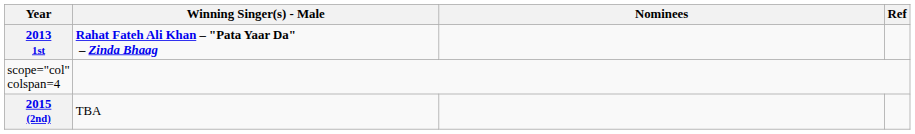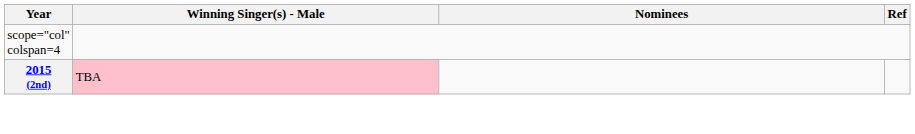 <table class="wikitable">
 <tr>
 <th width="50">Year</th>
 <th style="width:450px;">Winning Singer(s) - Male</th>
 <th style="width:550px;">Nominees</th>
 <th style="width:10px;">Ref</th>
 </tr>
 <tr>
-<th style="text-align:center;"><strong><a href='#'>2013</a></strong><br><small><a href='#'>1st</a></small></th>
-<td><strong><a href='#'>Rahat Fateh Ali Khan</a> – "Pata Yaar Da"<br> – <em><a href='#'>Zinda Bhaag</a><strong><em></td>
-<td></td>
-<td style="text-align:center;"></td>
-</tr>
-<tr>
 <td>scope="col" colspan=4 </td>
 </tr>
 <tr>
 <th style="text-align:center;"></strong><a href='#'>2015</a><strong><br><small><a href='#'>(2nd)</a></small></th>
-<td>TBA</td>
+<td style="background: pink;">TBA</td>
 <td></td>
 <td style="text-align:center;"></td>
 </tr>
 </table>
